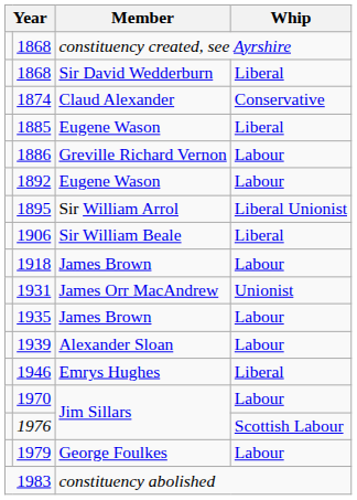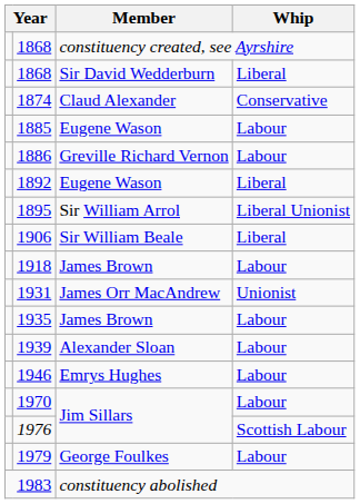 <table class="wikitable">
 <tr>
 <th colspan="2">Year</th>
 <th>Member</th>
 <th>Whip</th>
 </tr>
 <tr>
 <td></td>
 <td><a href='#'>1868</a></td>
 <td colspan="3"><em>constituency created, see <a href='#'>Ayrshire</a></em></td>
 </tr>
 <tr>
 <td style="color:inherit;background-color: "></td>
 <td><a href='#'>1868</a></td>
 <td><a href='#'>Sir David Wedderburn</a></td>
 <td><a href='#'>Liberal</a></td>
 </tr>
 <tr>
 <td style="color:inherit;background-color: "></td>
 <td><a href='#'>1874</a></td>
 <td><a href='#'>Claud Alexander</a></td>
 <td><a href='#'>Conservative</a></td>
 </tr>
 <tr>
 <td style="color:inherit;background-color: "></td>
 <td><a href='#'>1885</a></td>
 <td><a href='#'>Eugene Wason</a></td>
-<td><a href='#'>Liberal</a></td>
+<td><a href='#'>Labour</a></td>
 </tr>
 <tr>
 <td style="color:inherit;background-color: "></td>
 <td><a href='#'>1886</a></td>
 <td><a href='#'>Greville Richard Vernon</a></td>
 <td><a href='#'>Labour</a></td>
 </tr>
 <tr>
 <td style="color:inherit;background-color: "></td>
 <td><a href='#'>1892</a></td>
 <td><a href='#'>Eugene Wason</a></td>
-<td><a href='#'>Labour</a></td>
+<td><a href='#'>Liberal</a></td>
 </tr>
 <tr>
 <td style="color:inherit;background-color: "></td>
 <td><a href='#'>1895</a></td>
 <td>Sir <a href='#'>William Arrol</a></td>
 <td><a href='#'>Liberal Unionist</a></td>
 </tr>
 <tr>
 <td style="color:inherit;background-color: "></td>
 <td><a href='#'>1906</a></td>
 <td><a href='#'>Sir William Beale</a></td>
 <td><a href='#'>Liberal</a></td>
 </tr>
 <tr>
 <td style="color:inherit;background-color: "></td>
 <td><a href='#'>1918</a></td>
 <td><a href='#'>James Brown</a></td>
 <td><a href='#'>Labour</a></td>
 </tr>
 <tr>
 <td style="color:inherit;background-color: "></td>
 <td><a href='#'>1931</a></td>
 <td><a href='#'>James Orr MacAndrew</a></td>
 <td><a href='#'>Unionist</a></td>
 </tr>
 <tr>
 <td style="color:inherit;background-color: "></td>
 <td><a href='#'>1935</a></td>
 <td><a href='#'>James Brown</a></td>
 <td><a href='#'>Labour</a></td>
 </tr>
 <tr>
 <td style="color:inherit;background-color: "></td>
 <td><a href='#'>1939</a></td>
 <td><a href='#'>Alexander Sloan</a></td>
 <td><a href='#'>Labour</a></td>
 </tr>
 <tr>
 <td style="color:inherit;background-color: "></td>
 <td><a href='#'>1946</a></td>
 <td><a href='#'>Emrys Hughes</a></td>
-<td><a href='#'>Liberal</a></td>
+<td><a href='#'>Labour</a></td>
 </tr>
 <tr>
 <td style="color:inherit;background-color: "></td>
 <td><a href='#'>1970</a></td>
 <td rowspan="2"><a href='#'>Jim Sillars</a></td>
 <td><a href='#'>Labour</a></td>
 </tr>
 <tr>
 <td style="color:inherit;background-color: "></td>
 <td><em>1976</em></td>
 <td><a href='#'>Scottish Labour</a></td>
 </tr>
 <tr>
 <td style="color:inherit;background-color: "></td>
 <td><a href='#'>1979</a></td>
 <td><a href='#'>George Foulkes</a></td>
 <td><a href='#'>Labour</a></td>
 </tr>
 <tr>
 <td colspan="2" align="right"><a href='#'>1983</a></td>
 <td colspan="2"><em>constituency abolished</em></td>
 </tr>
 </table>
